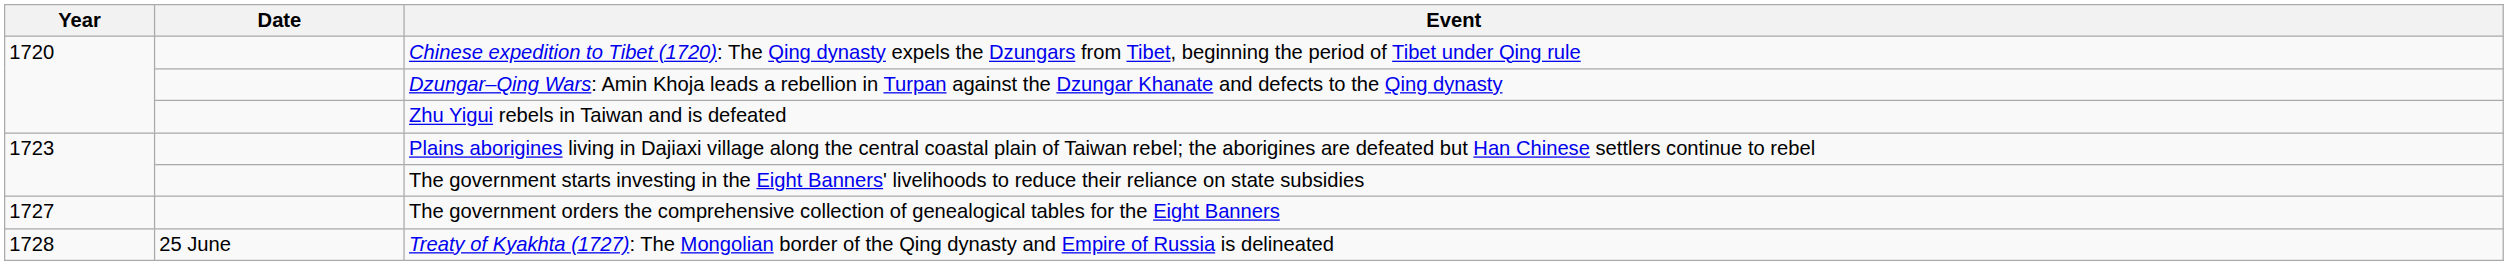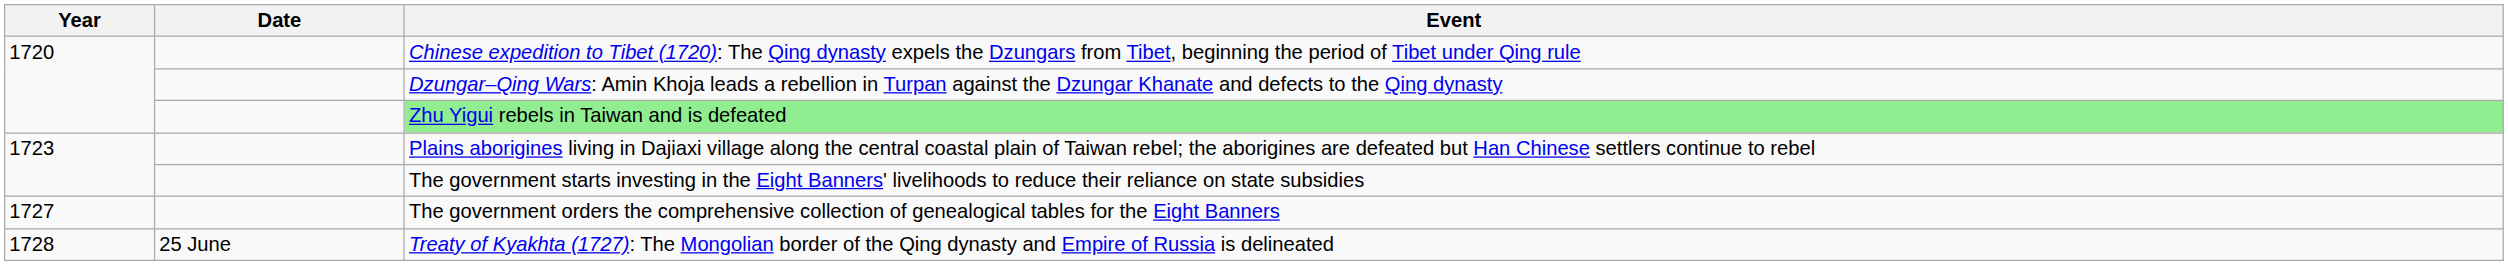 <table class="wikitable" style="width:100%;">
 <tr>
 <th style="width:6%">Year</th>
 <th style="width:10%">Date</th>
 <th>Event</th>
 </tr>
 <tr>
 <td rowspan="3" valign="top">1720</td>
 <td></td>
 <td><em><a href='#'>Chinese expedition to Tibet (1720)</a></em>: The <a href='#'>Qing dynasty</a> expels the <a href='#'>Dzungars</a> from <a href='#'>Tibet</a>, beginning the period of <a href='#'>Tibet under Qing rule</a></td>
 </tr>
 <tr>
 <td></td>
 <td><em><a href='#'>Dzungar–Qing Wars</a></em>: Amin Khoja leads a rebellion in <a href='#'>Turpan</a> against the <a href='#'>Dzungar Khanate</a> and defects to the <a href='#'>Qing dynasty</a></td>
 </tr>
 <tr>
 <td></td>
-<td><a href='#'>Zhu Yigui</a> rebels in Taiwan and is defeated</td>
+<td style="background: lightgreen;"><a href='#'>Zhu Yigui</a> rebels in Taiwan and is defeated</td>
 </tr>
 <tr>
 <td rowspan="2" valign="top">1723</td>
 <td></td>
 <td><a href='#'>Plains aborigines</a> living in Dajiaxi village along the central coastal plain of Taiwan rebel; the aborigines are defeated but <a href='#'>Han Chinese</a> settlers continue to rebel</td>
 </tr>
 <tr>
 <td></td>
 <td>The government starts investing in the <a href='#'>Eight Banners</a>' livelihoods to reduce their reliance on state subsidies</td>
 </tr>
 <tr>
 <td>1727</td>
 <td></td>
 <td>The government orders the comprehensive collection of genealogical tables for the <a href='#'>Eight Banners</a></td>
 </tr>
 <tr>
 <td>1728</td>
 <td>25 June</td>
 <td><em><a href='#'>Treaty of Kyakhta (1727)</a></em>: The <a href='#'>Mongolian</a> border of the Qing dynasty and <a href='#'>Empire of Russia</a> is delineated</td>
 </tr>
 </table>
